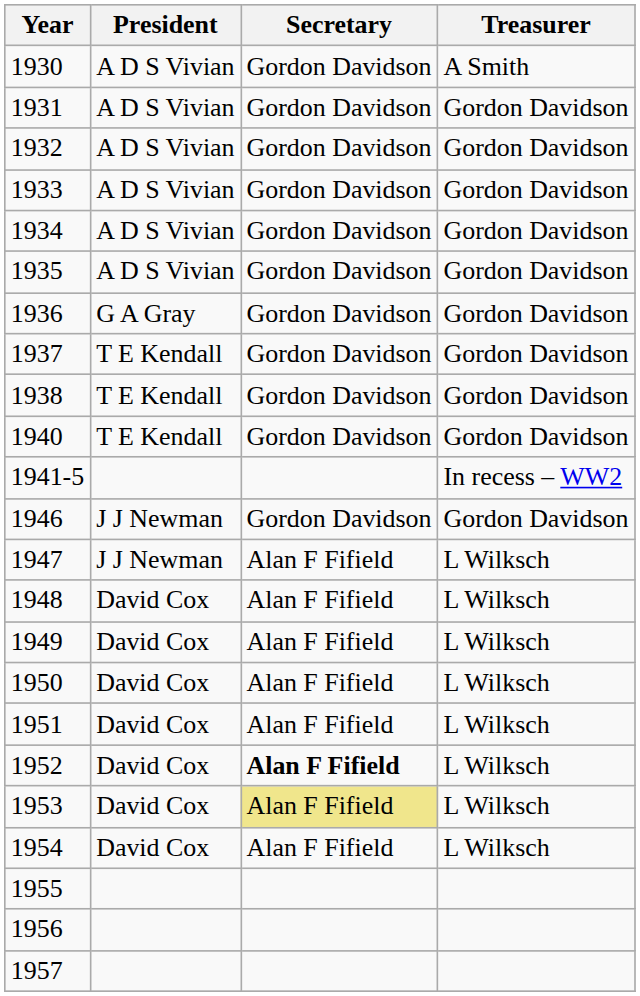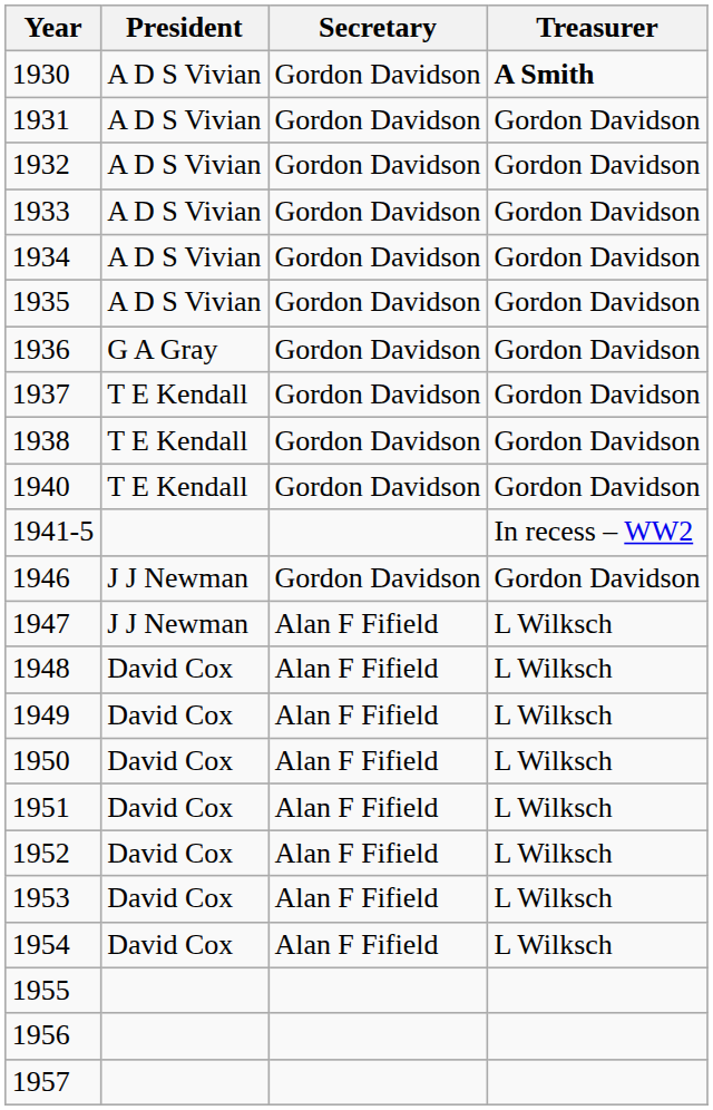 <table class="wikitable sortable">
 <tr>
 <th>Year</th>
 <th>President</th>
 <th>Secretary</th>
 <th>Treasurer</th>
 </tr>
 <tr>
 <td>1930</td>
 <td>A D S Vivian</td>
 <td>Gordon Davidson</td>
-<td>A Smith</td>
+<td><strong>A Smith</strong></td>
 </tr>
 <tr>
 <td>1931</td>
 <td>A D S Vivian</td>
 <td>Gordon Davidson</td>
 <td>Gordon Davidson</td>
 </tr>
 <tr>
 <td>1932</td>
 <td>A D S Vivian</td>
 <td>Gordon Davidson</td>
 <td>Gordon Davidson</td>
 </tr>
 <tr>
 <td>1933</td>
 <td>A D S Vivian</td>
 <td>Gordon Davidson</td>
 <td>Gordon Davidson</td>
 </tr>
 <tr>
 <td>1934</td>
 <td>A D S Vivian</td>
 <td>Gordon Davidson</td>
 <td>Gordon Davidson</td>
 </tr>
 <tr>
 <td>1935</td>
 <td>A D S Vivian</td>
 <td>Gordon Davidson</td>
 <td>Gordon Davidson</td>
 </tr>
 <tr>
 <td>1936</td>
 <td>G A Gray</td>
 <td>Gordon Davidson</td>
 <td>Gordon Davidson</td>
 </tr>
 <tr>
 <td>1937</td>
 <td>T E Kendall</td>
 <td>Gordon Davidson</td>
 <td>Gordon Davidson</td>
 </tr>
 <tr>
 <td>1938</td>
 <td>T E Kendall</td>
 <td>Gordon Davidson</td>
 <td>Gordon Davidson</td>
 </tr>
 <tr>
 <td>1940</td>
 <td>T E Kendall</td>
 <td>Gordon Davidson</td>
 <td>Gordon Davidson</td>
 </tr>
 <tr>
 <td>1941-5</td>
 <td></td>
 <td></td>
 <td>In recess – <a href='#'>WW2</a></td>
 </tr>
 <tr>
 <td>1946</td>
 <td>J J Newman</td>
 <td>Gordon Davidson</td>
 <td>Gordon Davidson</td>
 </tr>
 <tr>
 <td>1947</td>
 <td>J J Newman</td>
 <td>Alan F Fifield</td>
 <td>L Wilksch</td>
 </tr>
 <tr>
 <td>1948</td>
 <td>David Cox</td>
 <td>Alan F Fifield</td>
 <td>L Wilksch</td>
 </tr>
 <tr>
 <td>1949</td>
 <td>David Cox</td>
 <td>Alan F Fifield</td>
 <td>L Wilksch</td>
 </tr>
 <tr>
 <td>1950</td>
 <td>David Cox</td>
 <td>Alan F Fifield</td>
 <td>L Wilksch</td>
 </tr>
 <tr>
 <td>1951</td>
 <td>David Cox</td>
 <td>Alan F Fifield</td>
 <td>L Wilksch</td>
 </tr>
 <tr>
 <td>1952</td>
 <td>David Cox</td>
-<td><strong>Alan F Fifield</strong></td>
+<td>Alan F Fifield</td>
 <td>L Wilksch</td>
 </tr>
 <tr>
 <td>1953</td>
 <td>David Cox</td>
-<td style="background: khaki;">Alan F Fifield</td>
+<td>Alan F Fifield</td>
 <td>L Wilksch</td>
 </tr>
 <tr>
 <td>1954</td>
 <td>David Cox</td>
 <td>Alan F Fifield</td>
 <td>L Wilksch</td>
 </tr>
 <tr>
 <td>1955</td>
 <td></td>
 <td></td>
 <td></td>
 </tr>
 <tr>
 <td>1956</td>
 <td></td>
 <td></td>
 <td></td>
 </tr>
 <tr>
 <td>1957</td>
 <td></td>
 <td></td>
 <td></td>
 </tr>
 <tr>
 </tr>
 </table>
